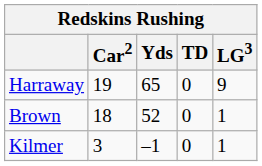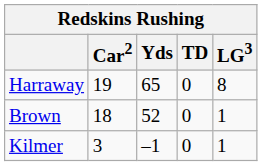 <table class="wikitable">
 <tr>
 <th colspan="5">Redskins Rushing</th>
 </tr>
 <tr>
 <th></th>
 <th>Car<sup>2</sup></th>
 <th>Yds</th>
 <th>TD</th>
 <th>LG<sup>3</sup></th>
 </tr>
 <tr>
 <td><a href='#'>Harraway</a></td>
 <td>19</td>
 <td>65</td>
 <td>0</td>
-<td>9</td>
+<td>8</td>
 </tr>
 <tr>
 <td><a href='#'>Brown</a></td>
 <td>18</td>
 <td>52</td>
 <td>0</td>
 <td>1</td>
 </tr>
 <tr>
 <td><a href='#'>Kilmer</a></td>
 <td>3</td>
 <td>–1</td>
 <td>0</td>
 <td>1</td>
 </tr>
 </table>
